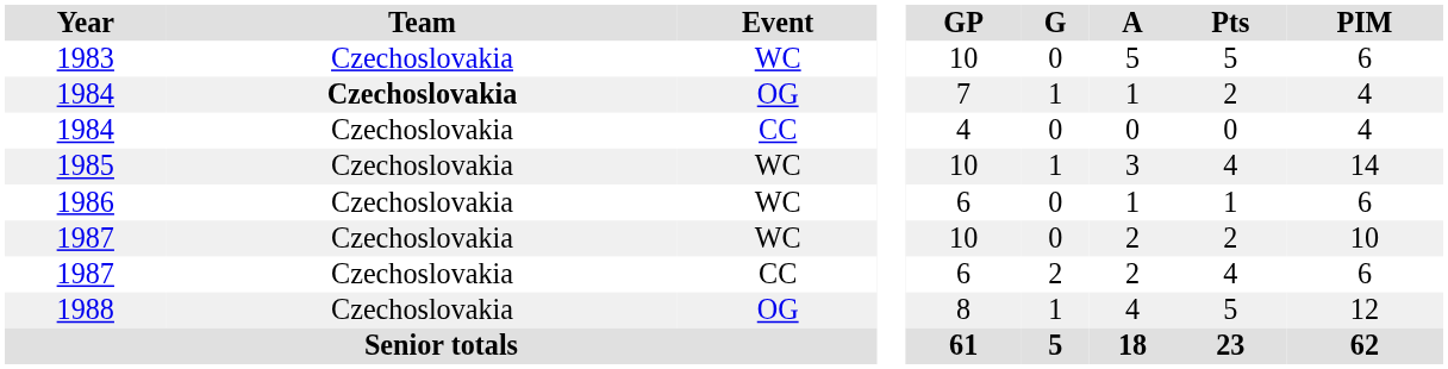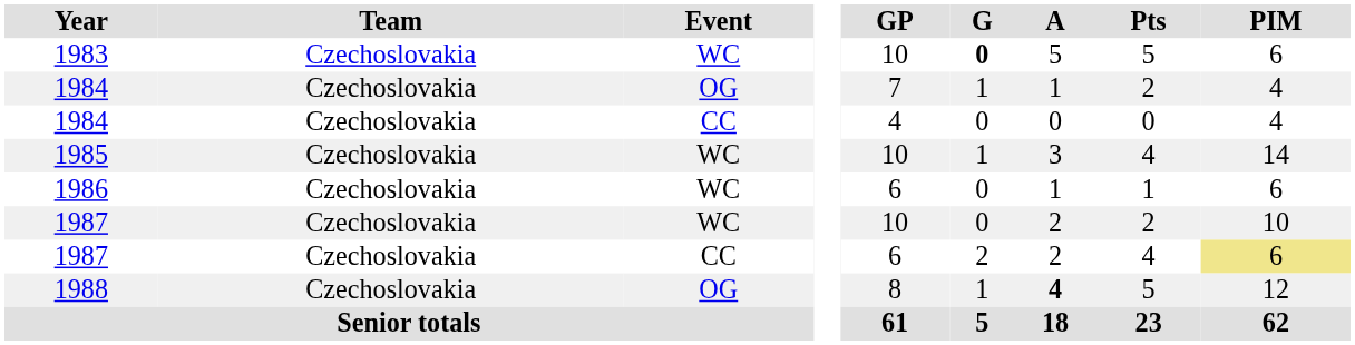 <table border="0" cellpadding="1" cellspacing="0" style="text-align:center; width:50em">
 <tr ALIGN="center" bgcolor="#e0e0e0">
 <th>Year</th>
 <th>Team</th>
 <th>Event</th>
 <th rowspan="99" bgcolor="#ffffff"> </th>
 <th>GP</th>
 <th>G</th>
 <th>A</th>
 <th>Pts</th>
 <th>PIM</th>
 </tr>
 <tr>
 <td><a href='#'>1983</a></td>
 <td><a href='#'>Czechoslovakia</a></td>
 <td><a href='#'>WC</a></td>
 <td>10</td>
-<td>0</td>
+<td><strong>0</strong></td>
 <td>5</td>
 <td>5</td>
 <td>6</td>
 </tr>
 <tr bgcolor="#f0f0f0">
 <td><a href='#'>1984</a></td>
-<td><strong>Czechoslovakia</strong></td>
+<td>Czechoslovakia</td>
 <td><a href='#'>OG</a></td>
 <td>7</td>
 <td>1</td>
 <td>1</td>
 <td>2</td>
 <td>4</td>
 </tr>
 <tr>
 <td><a href='#'>1984</a></td>
 <td>Czechoslovakia</td>
 <td><a href='#'>CC</a></td>
 <td>4</td>
 <td>0</td>
 <td>0</td>
 <td>0</td>
 <td>4</td>
 </tr>
 <tr bgcolor="#f0f0f0">
 <td><a href='#'>1985</a></td>
 <td>Czechoslovakia</td>
 <td>WC</td>
 <td>10</td>
 <td>1</td>
 <td>3</td>
 <td>4</td>
 <td>14</td>
 </tr>
 <tr>
 <td><a href='#'>1986</a></td>
 <td>Czechoslovakia</td>
 <td>WC</td>
 <td>6</td>
 <td>0</td>
 <td>1</td>
 <td>1</td>
 <td>6</td>
 </tr>
 <tr bgcolor="#f0f0f0">
 <td><a href='#'>1987</a></td>
 <td>Czechoslovakia</td>
 <td>WC</td>
 <td>10</td>
 <td>0</td>
 <td>2</td>
 <td>2</td>
 <td>10</td>
 </tr>
 <tr>
 <td><a href='#'>1987</a></td>
 <td>Czechoslovakia</td>
 <td>CC</td>
 <td>6</td>
 <td>2</td>
 <td>2</td>
 <td>4</td>
-<td>6</td>
+<td style="background: khaki;">6</td>
 </tr>
 <tr bgcolor="#f0f0f0">
 <td><a href='#'>1988</a></td>
 <td>Czechoslovakia</td>
 <td><a href='#'>OG</a></td>
 <td>8</td>
 <td>1</td>
-<td>4</td>
+<td><strong>4</strong></td>
 <td>5</td>
 <td>12</td>
 </tr>
 <tr bgcolor="#e0e0e0">
 <th colspan=3>Senior totals</th>
 <th>61</th>
 <th>5</th>
 <th>18</th>
 <th>23</th>
 <th>62</th>
 </tr>
 </table>
